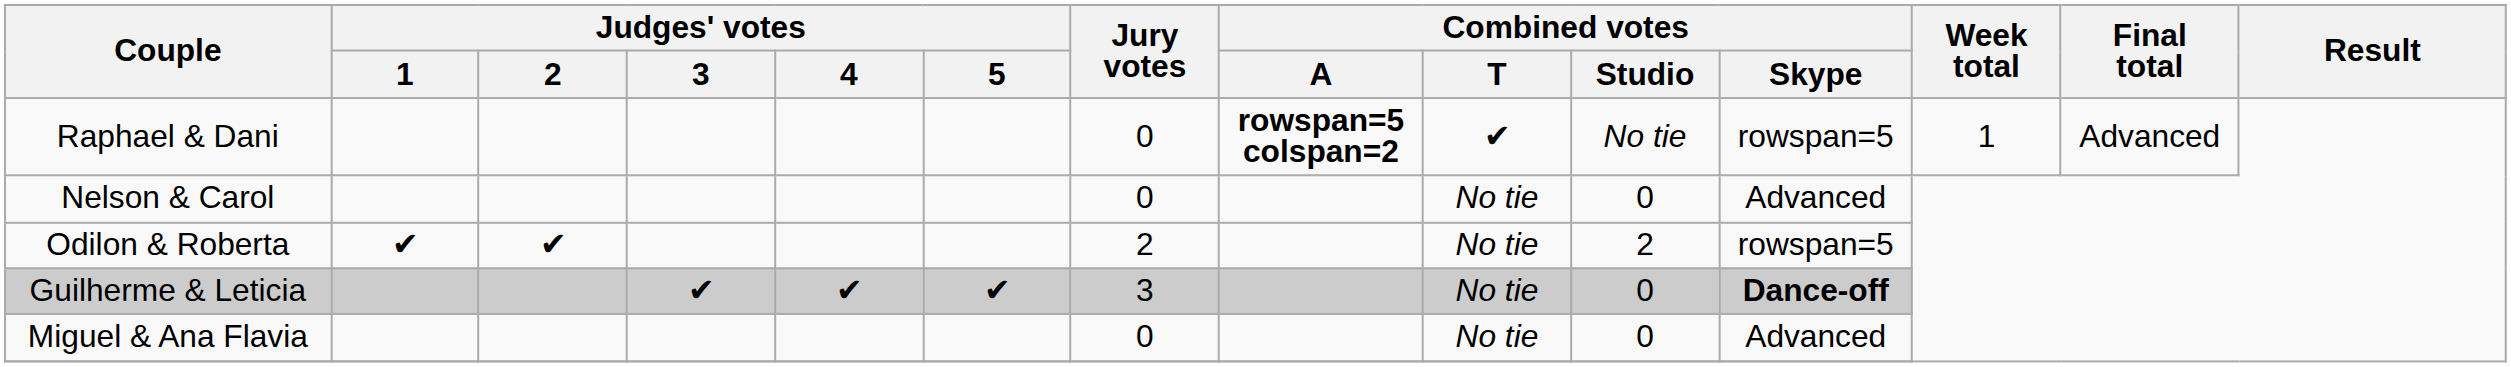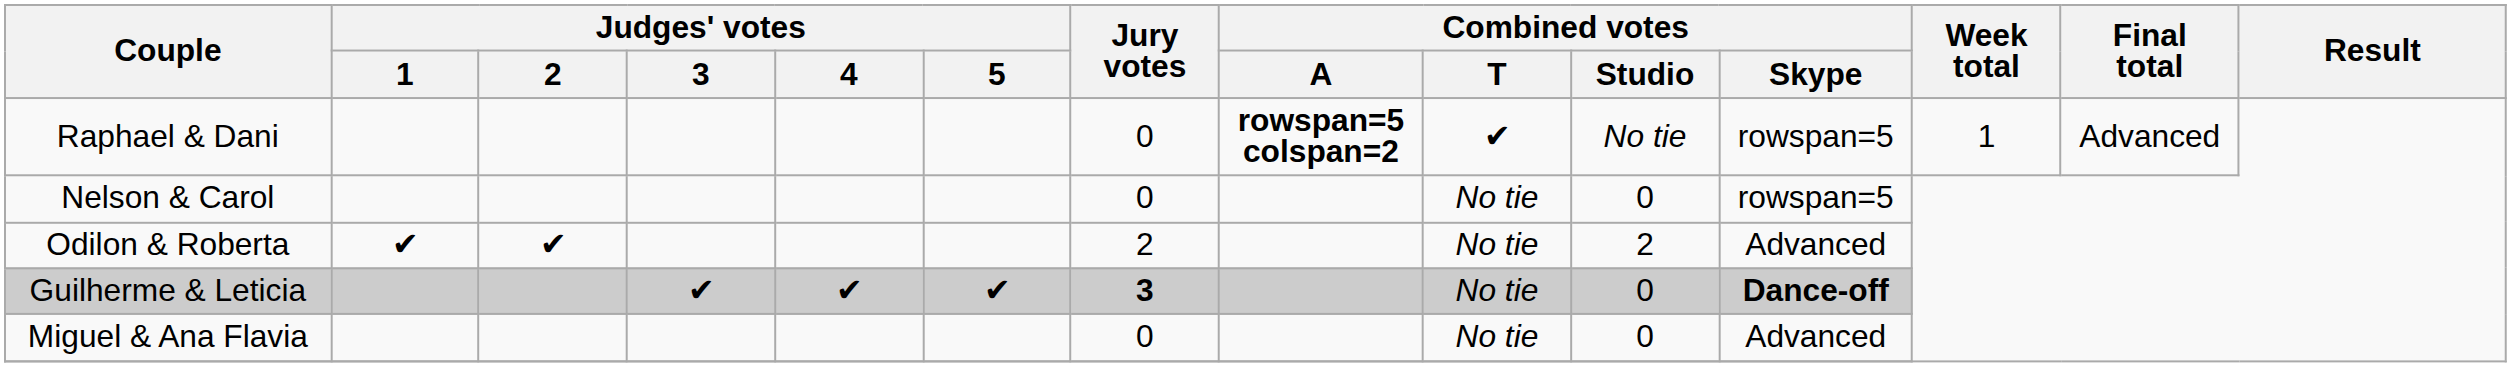 <table class="wikitable" style="font-size:100%; line-height:16px; text-align:center" width="100%">
 <tr>
 <th rowspan=2 width="11.00%">Couple</th>
 <th colspan=5 width="25.00%">Judges' votes</th>
 <th rowspan=2 width="05.00%">Jury<br>votes</th>
 <th colspan=4 width="20.00%">Combined votes</th>
 <th rowspan=2 width="05.00%">Week<br>total</th>
 <th rowspan=2 width="05.00%">Final<br>total</th>
 <th rowspan=2 width="09.00%">Result</th>
 </tr>
 <tr>
 <th width="05.00%">1</th>
 <th width="05.00%">2</th>
 <th width="05.00%">3</th>
 <th width="05.00%">4</th>
 <th width="05.00%">5</th>
 <th width="05.00%">A</th>
 <th width="05.00%">T</th>
 <th width="05.00%">Studio</th>
 <th width="05.00%">Skype</th>
 </tr>
 <tr>
 <td>Raphael & Dani</td>
 <td></td>
 <td></td>
 <td></td>
 <td></td>
 <td></td>
 <td>0</td>
 <td><strong>rowspan=5 colspan=2 </strong></td>
 <td>✔</td>
 <td><em>No tie</em></td>
 <td>rowspan=5 </td>
 <td>1</td>
 <td>Advanced</td>
 </tr>
 <tr>
 <td>Nelson & Carol</td>
 <td></td>
 <td></td>
 <td></td>
 <td></td>
 <td></td>
 <td>0</td>
 <td></td>
 <td><em>No tie</em></td>
 <td>0</td>
-<td>Advanced</td>
+<td>rowspan=5 </td>
 </tr>
 <tr>
 <td>Odilon & Roberta</td>
 <td>✔</td>
 <td>✔</td>
 <td></td>
 <td></td>
 <td></td>
 <td>2</td>
 <td></td>
 <td><em>No tie</em></td>
 <td>2</td>
-<td>rowspan=5 </td>
+<td>Advanced</td>
 </tr>
 <tr bgcolor="CCCCCC">
 <td>Guilherme & Leticia</td>
 <td></td>
 <td></td>
 <td>✔</td>
 <td>✔</td>
 <td>✔</td>
-<td>3</td>
+<td><strong>3</strong></td>
 <td></td>
 <td><em>No tie</em></td>
 <td>0</td>
 <td><strong>Dance-off</strong></td>
 </tr>
 <tr>
 <td>Miguel & Ana Flavia</td>
 <td></td>
 <td></td>
 <td></td>
 <td></td>
 <td></td>
 <td>0</td>
 <td></td>
 <td><em>No tie</em></td>
 <td>0</td>
 <td>Advanced</td>
 </tr>
 <tr>
 </tr>
 </table>
